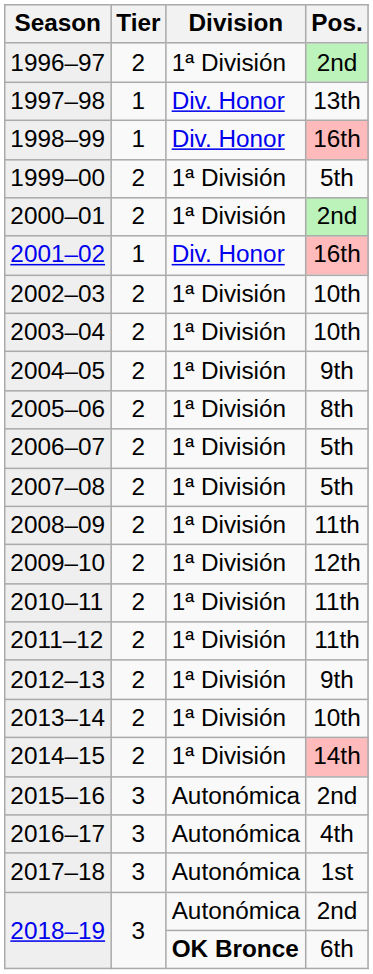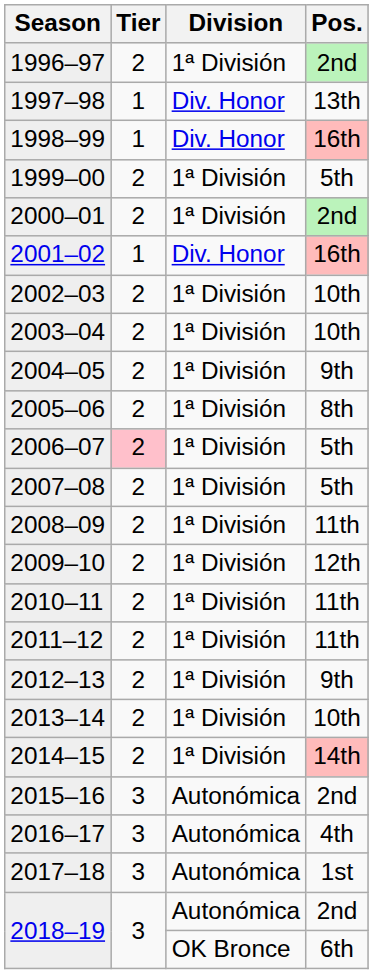 <table class="wikitable">
 <tr>
 <th>Season</th>
 <th>Tier</th>
 <th>Division</th>
 <th>Pos.</th>
 </tr>
 <tr>
 <td style="background:#efefef;">1996–97</td>
 <td align="center">2</td>
 <td>1ª División</td>
 <td align="center" bgcolor=#BBF3BB>2nd</td>
 </tr>
 <tr>
 <td style="background:#efefef;">1997–98</td>
 <td align="center">1</td>
 <td><a href='#'>Div. Honor</a></td>
 <td align="center">13th</td>
 </tr>
 <tr>
 <td style="background:#efefef;">1998–99</td>
 <td align="center">1</td>
 <td><a href='#'>Div. Honor</a></td>
 <td align="center" bgcolor=#FFBBBB>16th</td>
 </tr>
 <tr>
 <td style="background:#efefef;">1999–00</td>
 <td align="center">2</td>
 <td>1ª División</td>
 <td align="center">5th</td>
 </tr>
 <tr>
 <td style="background:#efefef;">2000–01</td>
 <td align="center">2</td>
 <td>1ª División</td>
 <td align="center" bgcolor=#BBF3BB>2nd</td>
 </tr>
 <tr>
 <td style="background:#efefef;"><a href='#'>2001–02</a></td>
 <td align="center">1</td>
 <td><a href='#'>Div. Honor</a></td>
 <td align="center" bgcolor=#FFBBBB>16th</td>
 </tr>
 <tr>
 <td style="background:#efefef;">2002–03</td>
 <td align="center">2</td>
 <td>1ª División</td>
 <td align="center">10th</td>
 </tr>
 <tr>
 <td style="background:#efefef;">2003–04</td>
 <td align="center">2</td>
 <td>1ª División</td>
 <td align="center">10th</td>
 </tr>
 <tr>
 <td style="background:#efefef;">2004–05</td>
 <td align="center">2</td>
 <td>1ª División</td>
 <td align="center">9th</td>
 </tr>
 <tr>
 <td style="background:#efefef;">2005–06</td>
 <td align="center">2</td>
 <td>1ª División</td>
 <td align="center">8th</td>
 </tr>
 <tr>
 <td style="background:#efefef;">2006–07</td>
-<td align="center">2</td>
+<td align="center" style="background: pink;">2</td>
 <td>1ª División</td>
 <td align="center">5th</td>
 </tr>
 <tr>
 <td style="background:#efefef;">2007–08</td>
 <td align="center">2</td>
 <td>1ª División</td>
 <td align="center">5th</td>
 </tr>
 <tr>
 <td style="background:#efefef;">2008–09</td>
 <td align="center">2</td>
 <td>1ª División</td>
 <td align="center">11th</td>
 </tr>
 <tr>
 <td style="background:#efefef;">2009–10</td>
 <td align="center">2</td>
 <td>1ª División</td>
 <td align="center">12th</td>
 </tr>
 <tr>
 <td style="background:#efefef;">2010–11</td>
 <td align="center">2</td>
 <td>1ª División</td>
 <td align="center">11th</td>
 </tr>
 <tr>
 <td style="background:#efefef;">2011–12</td>
 <td align="center">2</td>
 <td>1ª División</td>
 <td align="center">11th</td>
 </tr>
 <tr>
 <td style="background:#efefef;">2012–13</td>
 <td align="center">2</td>
 <td>1ª División</td>
 <td align="center">9th</td>
 </tr>
 <tr>
 <td style="background:#efefef;">2013–14</td>
 <td align="center">2</td>
 <td>1ª División</td>
 <td align="center">10th</td>
 </tr>
 <tr>
 <td style="background:#efefef;">2014–15</td>
 <td align="center">2</td>
 <td>1ª División</td>
 <td align="center" bgcolor=#FFBBBB>14th</td>
 </tr>
 <tr>
 <td style="background:#efefef;">2015–16</td>
 <td align="center">3</td>
 <td>Autonómica</td>
 <td align="center">2nd</td>
 </tr>
 <tr>
 <td style="background:#efefef;">2016–17</td>
 <td align="center">3</td>
 <td>Autonómica</td>
 <td align="center">4th</td>
 </tr>
 <tr>
 <td style="background:#efefef;">2017–18</td>
 <td align="center">3</td>
 <td>Autonómica</td>
 <td align="center">1st</td>
 </tr>
 <tr>
 <td rowspan=2 style="background:#efefef;"><a href='#'>2018–19</a></td>
 <td rowspan=2 align="center">3</td>
 <td>Autonómica</td>
 <td align="center">2nd</td>
 </tr>
 <tr>
-<td><strong>OK Bronce</strong></td>
+<td>OK Bronce</td>
 <td align=center>6th</td>
 </tr>
 </table>
